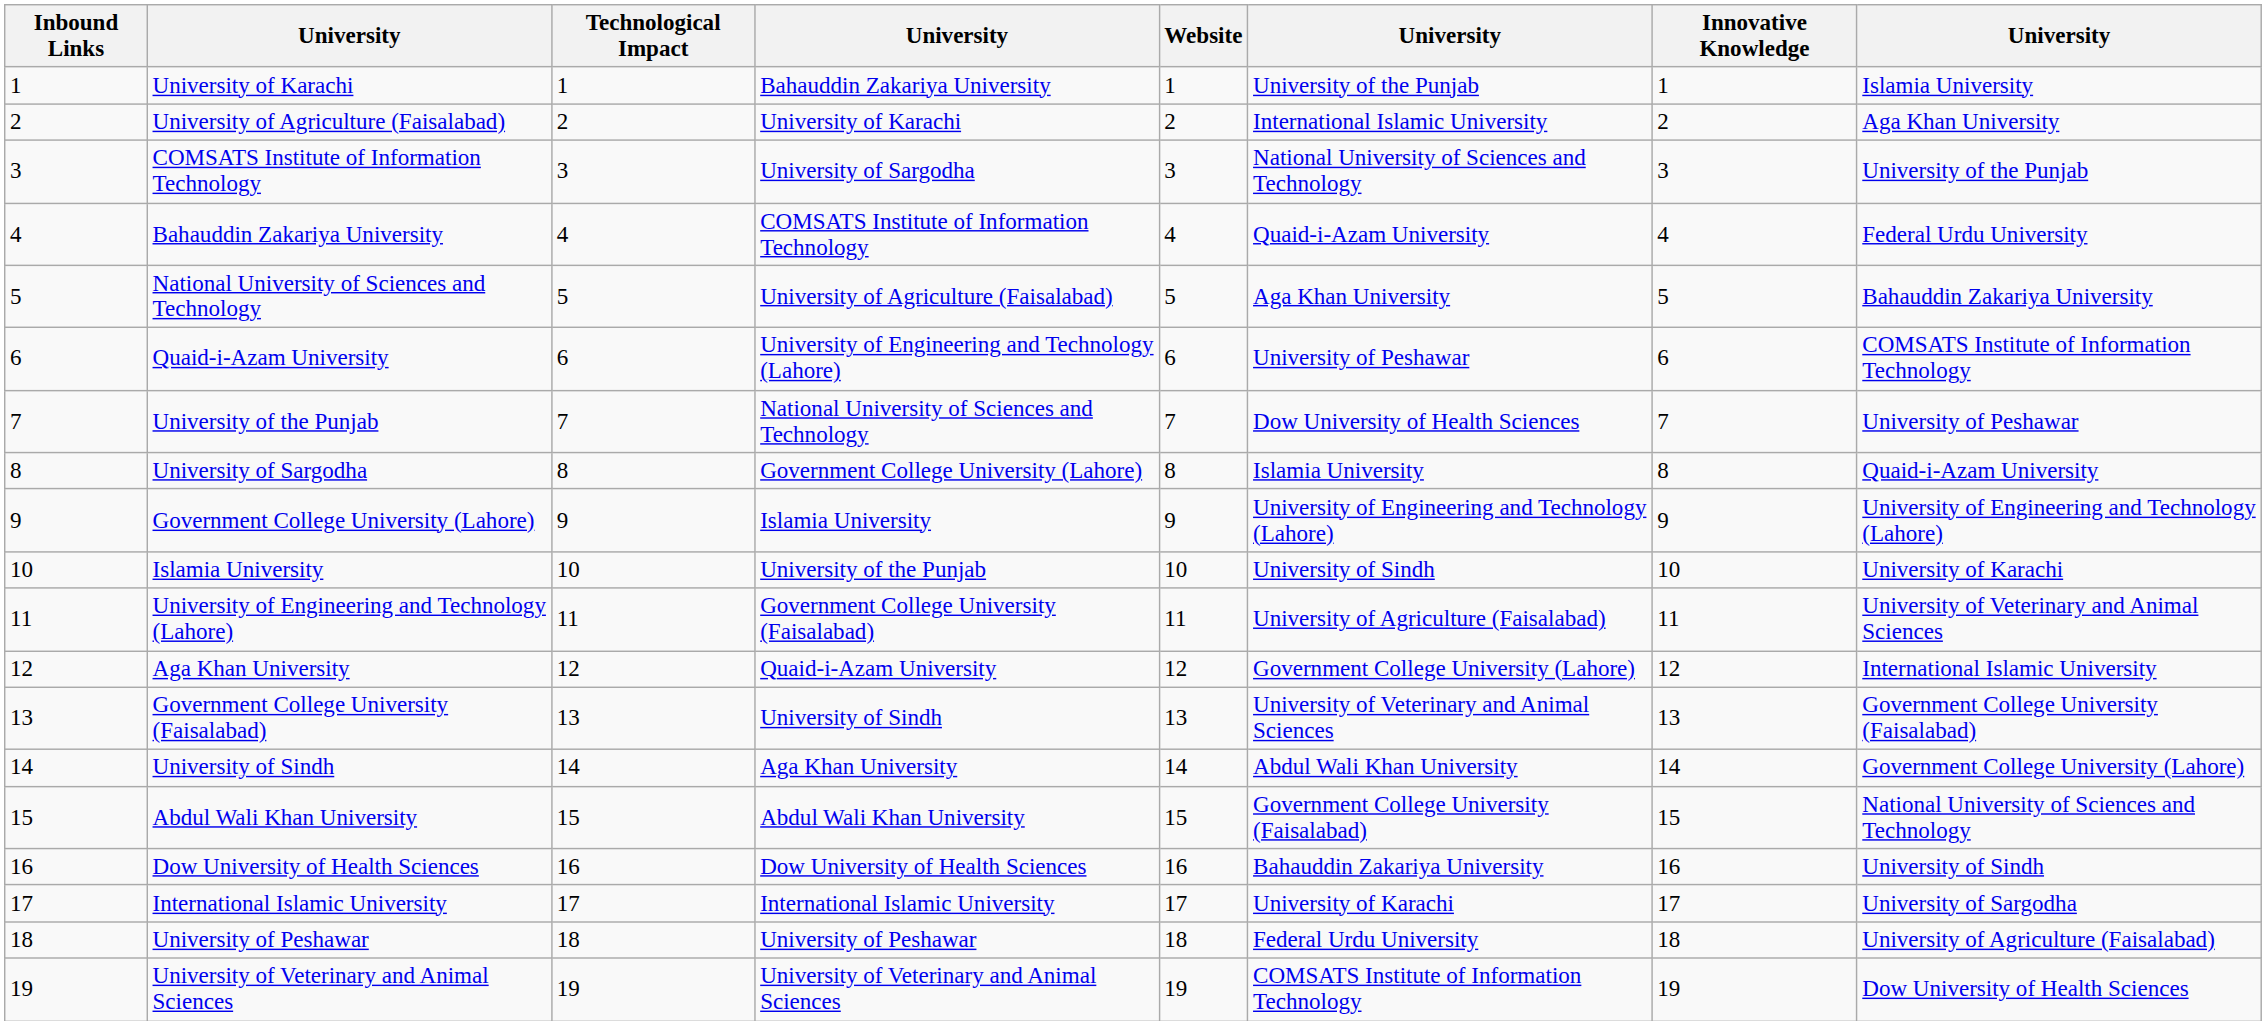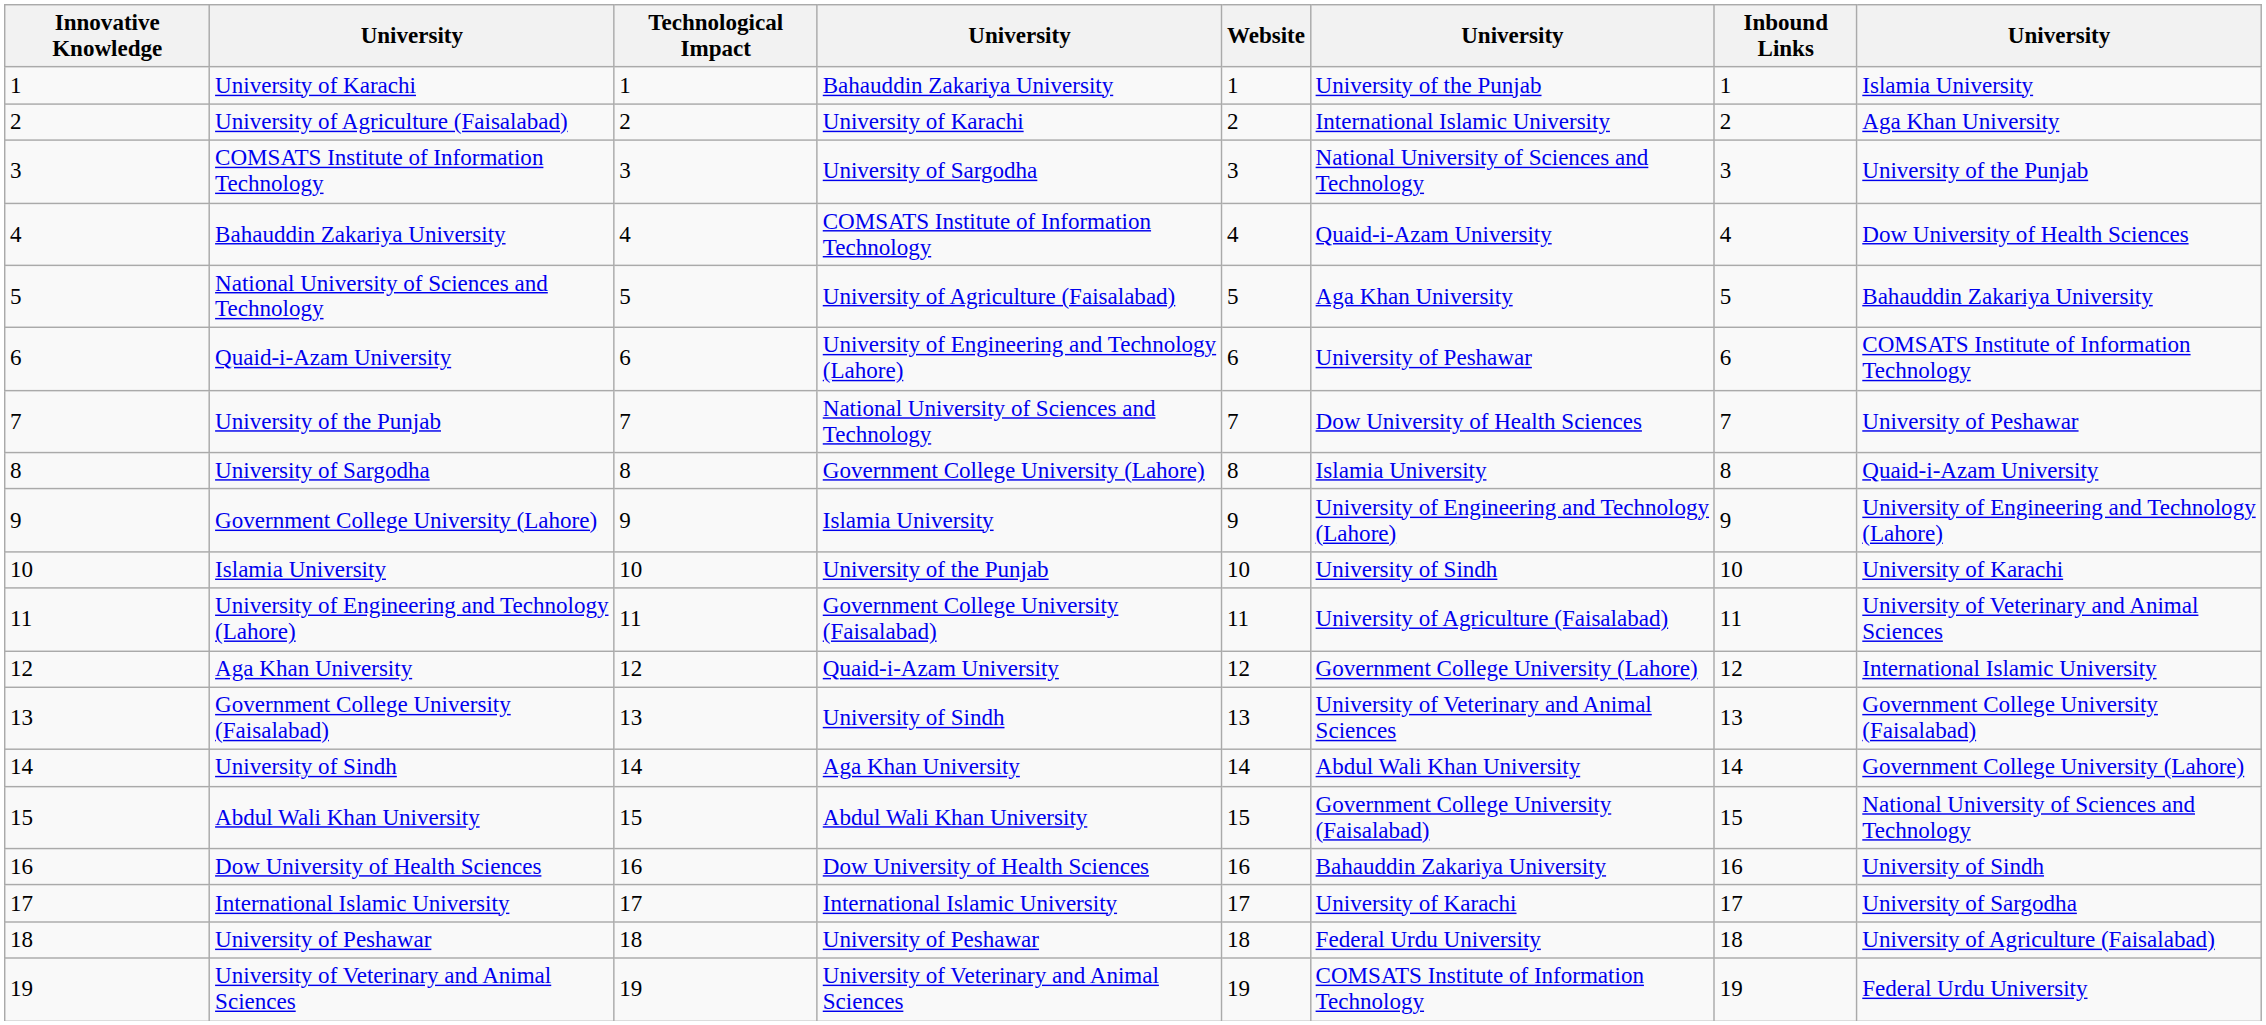 <table class="wikitable sortable">
 <tr>
-<th>Inbound Links</th>
+<th>Innovative Knowledge</th>
 <th>University</th>
 <th>Technological Impact</th>
 <th>University</th>
 <th>Website</th>
 <th>University</th>
-<th>Innovative Knowledge</th>
+<th>Inbound Links</th>
 <th>University</th>
 </tr>
 <tr>
 <td>1</td>
 <td><a href='#'>University of Karachi</a></td>
 <td>1</td>
 <td><a href='#'>Bahauddin Zakariya University</a></td>
 <td>1</td>
 <td><a href='#'>University of the Punjab</a></td>
 <td>1</td>
 <td><a href='#'>Islamia University</a></td>
 </tr>
 <tr>
 <td>2</td>
 <td><a href='#'>University of Agriculture (Faisalabad)</a></td>
 <td>2</td>
 <td><a href='#'>University of Karachi</a></td>
 <td>2</td>
 <td><a href='#'>International Islamic University</a></td>
 <td>2</td>
 <td><a href='#'>Aga Khan University</a></td>
 </tr>
 <tr>
 <td>3</td>
 <td><a href='#'>COMSATS Institute of Information Technology</a></td>
 <td>3</td>
 <td><a href='#'>University of Sargodha</a></td>
 <td>3</td>
 <td><a href='#'>National University of Sciences and Technology</a></td>
 <td>3</td>
 <td><a href='#'>University of the Punjab</a></td>
 </tr>
 <tr>
 <td>4</td>
 <td><a href='#'>Bahauddin Zakariya University</a></td>
 <td>4</td>
 <td><a href='#'>COMSATS Institute of Information Technology</a></td>
 <td>4</td>
 <td><a href='#'>Quaid-i-Azam University</a></td>
 <td>4</td>
-<td><a href='#'>Federal Urdu University</a></td>
+<td><a href='#'>Dow University of Health Sciences</a></td>
 </tr>
 <tr>
 <td>5</td>
 <td><a href='#'>National University of Sciences and Technology</a></td>
 <td>5</td>
 <td><a href='#'>University of Agriculture (Faisalabad)</a></td>
 <td>5</td>
 <td><a href='#'>Aga Khan University</a></td>
 <td>5</td>
 <td><a href='#'>Bahauddin Zakariya University</a></td>
 </tr>
 <tr>
 <td>6</td>
 <td><a href='#'>Quaid-i-Azam University</a></td>
 <td>6</td>
 <td><a href='#'>University of Engineering and Technology (Lahore)</a></td>
 <td>6</td>
 <td><a href='#'>University of Peshawar</a></td>
 <td>6</td>
 <td><a href='#'>COMSATS Institute of Information Technology</a></td>
 </tr>
 <tr>
 <td>7</td>
 <td><a href='#'>University of the Punjab</a></td>
 <td>7</td>
 <td><a href='#'>National University of Sciences and Technology</a></td>
 <td>7</td>
 <td><a href='#'>Dow University of Health Sciences</a></td>
 <td>7</td>
 <td><a href='#'>University of Peshawar</a></td>
 </tr>
 <tr>
 <td>8</td>
 <td><a href='#'>University of Sargodha</a></td>
 <td>8</td>
 <td><a href='#'>Government College University (Lahore)</a></td>
 <td>8</td>
 <td><a href='#'>Islamia University</a></td>
 <td>8</td>
 <td><a href='#'>Quaid-i-Azam University</a></td>
 </tr>
 <tr>
 <td>9</td>
 <td><a href='#'>Government College University (Lahore)</a></td>
 <td>9</td>
 <td><a href='#'>Islamia University</a></td>
 <td>9</td>
 <td><a href='#'>University of Engineering and Technology (Lahore)</a></td>
 <td>9</td>
 <td><a href='#'>University of Engineering and Technology (Lahore)</a></td>
 </tr>
 <tr>
 <td>10</td>
 <td><a href='#'>Islamia University</a></td>
 <td>10</td>
 <td><a href='#'>University of the Punjab</a></td>
 <td>10</td>
 <td><a href='#'>University of Sindh</a></td>
 <td>10</td>
 <td><a href='#'>University of Karachi</a></td>
 </tr>
 <tr>
 <td>11</td>
 <td><a href='#'>University of Engineering and Technology (Lahore)</a></td>
 <td>11</td>
 <td><a href='#'>Government College University (Faisalabad)</a></td>
 <td>11</td>
 <td><a href='#'>University of Agriculture (Faisalabad)</a></td>
 <td>11</td>
 <td><a href='#'>University of Veterinary and Animal Sciences</a></td>
 </tr>
 <tr>
 <td>12</td>
 <td><a href='#'>Aga Khan University</a></td>
 <td>12</td>
 <td><a href='#'>Quaid-i-Azam University</a></td>
 <td>12</td>
 <td><a href='#'>Government College University (Lahore)</a></td>
 <td>12</td>
 <td><a href='#'>International Islamic University</a></td>
 </tr>
 <tr>
 <td>13</td>
 <td><a href='#'>Government College University (Faisalabad)</a></td>
 <td>13</td>
 <td><a href='#'>University of Sindh</a></td>
 <td>13</td>
 <td><a href='#'>University of Veterinary and Animal Sciences</a></td>
 <td>13</td>
 <td><a href='#'>Government College University (Faisalabad)</a></td>
 </tr>
 <tr>
 <td>14</td>
 <td><a href='#'>University of Sindh</a></td>
 <td>14</td>
 <td><a href='#'>Aga Khan University</a></td>
 <td>14</td>
 <td><a href='#'>Abdul Wali Khan University</a></td>
 <td>14</td>
 <td><a href='#'>Government College University (Lahore)</a></td>
 </tr>
 <tr>
 <td>15</td>
 <td><a href='#'>Abdul Wali Khan University</a></td>
 <td>15</td>
 <td><a href='#'>Abdul Wali Khan University</a></td>
 <td>15</td>
 <td><a href='#'>Government College University (Faisalabad)</a></td>
 <td>15</td>
 <td><a href='#'>National University of Sciences and Technology</a></td>
 </tr>
 <tr>
 <td>16</td>
 <td><a href='#'>Dow University of Health Sciences</a></td>
 <td>16</td>
 <td><a href='#'>Dow University of Health Sciences</a></td>
 <td>16</td>
 <td><a href='#'>Bahauddin Zakariya University</a></td>
 <td>16</td>
 <td><a href='#'>University of Sindh</a></td>
 </tr>
 <tr>
 <td>17</td>
 <td><a href='#'>International Islamic University</a></td>
 <td>17</td>
 <td><a href='#'>International Islamic University</a></td>
 <td>17</td>
 <td><a href='#'>University of Karachi</a></td>
 <td>17</td>
 <td><a href='#'>University of Sargodha</a></td>
 </tr>
 <tr>
 <td>18</td>
 <td><a href='#'>University of Peshawar</a></td>
 <td>18</td>
 <td><a href='#'>University of Peshawar</a></td>
 <td>18</td>
 <td><a href='#'>Federal Urdu University</a></td>
 <td>18</td>
 <td><a href='#'>University of Agriculture (Faisalabad)</a></td>
 </tr>
 <tr>
 <td>19</td>
 <td><a href='#'>University of Veterinary and Animal Sciences</a></td>
 <td>19</td>
 <td><a href='#'>University of Veterinary and Animal Sciences</a></td>
 <td>19</td>
 <td><a href='#'>COMSATS Institute of Information Technology</a></td>
 <td>19</td>
-<td><a href='#'>Dow University of Health Sciences</a></td>
+<td><a href='#'>Federal Urdu University</a></td>
 </tr>
 </table>
